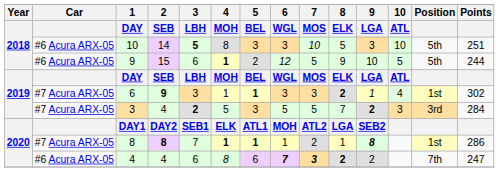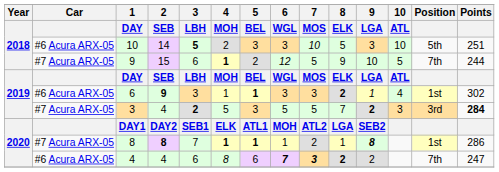 <table class="wikitable" style="font-size:85%; text-align:center">
 <tr style="background:#f9f9f9; vertical-align:top;">
 </tr>
 <tr>
 <th valign=middle>Year</th>
 <th valign=middle>Car</th>
 <th>1</th>
 <th>2</th>
 <th>3</th>
 <th>4</th>
 <th>5</th>
 <th>6</th>
 <th>7</th>
 <th>8</th>
 <th>9</th>
 <th>10</th>
 <th valign=middle>Position</th>
 <th valign=middle>Points</th>
 </tr>
 <tr>
 <th rowspan=3><a href='#'>2018</a></th>
 <th></th>
 <th><a href='#'>DAY</a></th>
 <th><a href='#'>SEB</a></th>
 <th><a href='#'>LBH</a></th>
 <th><a href='#'>MOH</a></th>
 <th><a href='#'>BEL</a></th>
 <th><a href='#'>WGL</a></th>
 <th><a href='#'>MOS</a></th>
 <th><a href='#'>ELK</a></th>
 <th><a href='#'>LGA</a></th>
 <th><a href='#'>ATL</a></th>
 <th></th>
 <th></th>
 </tr>
 <tr>
 <td align=left>#6 <a href='#'>Acura ARX-05</a></td>
 <td style="background:#dfffdf;">10</td>
 <td style="background:#efcfff;">14</td>
 <td style="background:#dfffdf;"><strong>5</strong></td>
-<td style="background:#dfdfdf;">8</td>
+<td style="background:#dfdfdf;">2</td>
 <td style="background:#ffdf9f;">3</td>
 <td style="background:#ffdf9f;">3</td>
 <td style="background:#dfffdf;"><em>10</em></td>
 <td style="background:#dfffdf;">5</td>
 <td style="background:#ffdf9f;">3</td>
 <td style="background:#dfffdf;">10</td>
 <td>5th</td>
 <td>251</td>
 </tr>
 <tr>
-<td align=left>#6 <a href='#'>Acura ARX-05</a></td>
+<td align=left>#7 <a href='#'>Acura ARX-05</a></td>
 <td style="background:#dfffdf;">9</td>
 <td style="background:#efcfff;">15</td>
 <td style="background:#dfffdf;">6</td>
 <td style="background:#ffffbf;"><strong>1</strong></td>
 <td style="background:#dfdfdf;">2</td>
 <td style="background:#dfffdf;"><em>12</em></td>
 <td style="background:#dfffdf;">5</td>
 <td style="background:#dfffdf;">9</td>
 <td style="background:#dfffdf;">10</td>
 <td style="background:#dfffdf;">5</td>
-<td>5th</td>
+<td>7th</td>
 <td>244</td>
 </tr>
 <tr>
 <th rowspan=3><a href='#'>2019</a></th>
 <th></th>
 <th><a href='#'>DAY</a></th>
 <th><a href='#'>SEB</a></th>
 <th><a href='#'>LBH</a></th>
 <th><a href='#'>MOH</a></th>
 <th><a href='#'>BEL</a></th>
 <th><a href='#'>WGL</a></th>
 <th><a href='#'>MOS</a></th>
 <th><a href='#'>ELK</a></th>
 <th><a href='#'>LGA</a></th>
 <th><a href='#'>ATL</a></th>
 <th></th>
 <th></th>
 </tr>
 <tr>
-<td align=left>#7 <a href='#'>Acura ARX-05</a></td>
+<td align=left>#6 <a href='#'>Acura ARX-05</a></td>
 <td style="background:#dfffdf;">6</td>
 <td style="background:#dfffdf;"><strong>9</strong></td>
 <td style="background:#ffdf9f;">3</td>
 <td style="background:#ffffbf;">1</td>
 <td style="background:#ffffbf;"><strong>1</strong></td>
 <td style="background:#ffdf9f;">3</td>
 <td style="background:#ffdf9f;">3</td>
 <td style="background:#dfdfdf;"><strong>2</strong></td>
 <td style="background:#ffffbf;"><em>1</em></td>
 <td style="background:#dfffdf;">4</td>
 <td style="background:#FFFFBF;">1st</td>
 <td>302</td>
 </tr>
 <tr>
 <td align=left>#7 <a href='#'>Acura ARX-05</a></td>
 <td style="background:#ffdf9f;">3</td>
 <td style="background:#dfffdf;">4</td>
 <td style="background:#dfdfdf;"><strong>2</strong></td>
 <td style="background:#dfffdf;">5</td>
 <td style="background:#ffdf9f;">3</td>
 <td style="background:#dfffdf;">5</td>
 <td style="background:#dfffdf;">5</td>
 <td style="background:#dfffdf;">7</td>
 <td style="background:#dfdfdf;"><strong>2</strong></td>
 <td style="background:#ffdf9f;">3</td>
 <td style="background:#FFDF9F;">3rd</td>
-<td>284</td>
+<td><strong>284</strong></td>
 </tr>
 <tr>
 <th rowspan=3><a href='#'>2020</a></th>
 <th></th>
 <th><a href='#'>DAY1</a></th>
 <th><a href='#'>DAY2</a></th>
 <th><a href='#'>SEB1</a></th>
 <th><a href='#'>ELK</a></th>
 <th><a href='#'>ATL1</a></th>
 <th><a href='#'>MOH</a></th>
 <th><a href='#'>ATL2</a></th>
 <th><a href='#'>LGA</a></th>
 <th><a href='#'>SEB2</a></th>
 <th></th>
 <th></th>
 <th></th>
 </tr>
 <tr>
 <td align=left>#7 <a href='#'>Acura ARX-05</a></td>
 <td style="background:#dfffdf;">8</td>
 <td style="background:#efcfff;"><strong>8</strong></td>
 <td style="background:#dfffdf;">7</td>
 <td style="background:#ffffbf;"><strong>1</strong></td>
 <td style="background:#ffffbf;"><strong>1</strong></td>
 <td style="background:#ffffbf;">1</td>
 <td style="background:#dfdfdf;">2</td>
 <td style="background:#ffffbf;">1</td>
 <td style="background:#dfffdf;"><strong><em>8</em></strong></td>
 <td></td>
 <td style="background:#FFFFBF;">1st</td>
 <td>286</td>
 </tr>
 <tr>
 <td align=left>#6 <a href='#'>Acura ARX-05</a></td>
 <td style="background:#dfffdf;">4</td>
 <td style="background:#dfffdf;">4</td>
 <td style="background:#dfffdf;">6</td>
 <td style="background:#dfffdf;"><em>8</em></td>
 <td style="background:#efcfff;">6</td>
 <td style="background:#efcfff;"><strong><em>7</em></strong></td>
 <td style="background:#ffdf9f;"><strong><em>3</em></strong></td>
 <td style="background:#dfdfdf;"><strong>2</strong></td>
 <td style="background:#dfdfdf;">2</td>
 <td></td>
 <td>7th</td>
 <td>247</td>
 </tr>
 <tr>
 </tr>
 </table>
